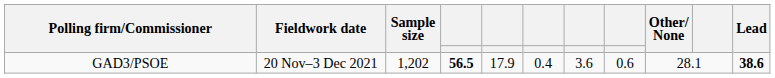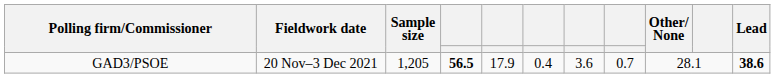 <table class="wikitable collapsible collapsed" style="text-align:center; font-size:90%; line-height:14px;">
 <tr style="height:42px;">
 <th style="width:250px;" rowspan="2">Polling firm/Commissioner</th>
 <th style="width:125px;" rowspan="2">Fieldwork date</th>
 <th style="width:50px;" rowspan="2">Sample size</th>
 <th style="width:35px;"></th>
 <th style="width:35px;"></th>
 <th style="width:35px;"></th>
 <th style="width:35px;"></th>
 <th style="width:35px;"></th>
 <th style="width:35px;" rowspan="2">Other/<br>None</th>
 <th style="width:35px;" rowspan="2"></th>
 <th style="width:30px;" rowspan="2">Lead</th>
 </tr>
 <tr>
 <th style="color:inherit;background:"></th>
 <th style="color:inherit;background:"></th>
 <th style="color:inherit;background:"></th>
 <th style="color:inherit;background:"></th>
 <th style="color:inherit;background:"></th>
 </tr>
 <tr>
 <td>GAD3/PSOE</td>
 <td>20 Nov–3 Dec 2021</td>
-<td>1,202</td>
+<td>1,205</td>
 <td><strong>56.5</strong></td>
 <td>17.9</td>
 <td>0.4</td>
 <td>3.6</td>
-<td>0.6</td>
+<td>0.7</td>
 <td colspan="2">28.1</td>
 <td style="background:"><strong>38.6</strong></td>
 </tr>
 </table>
